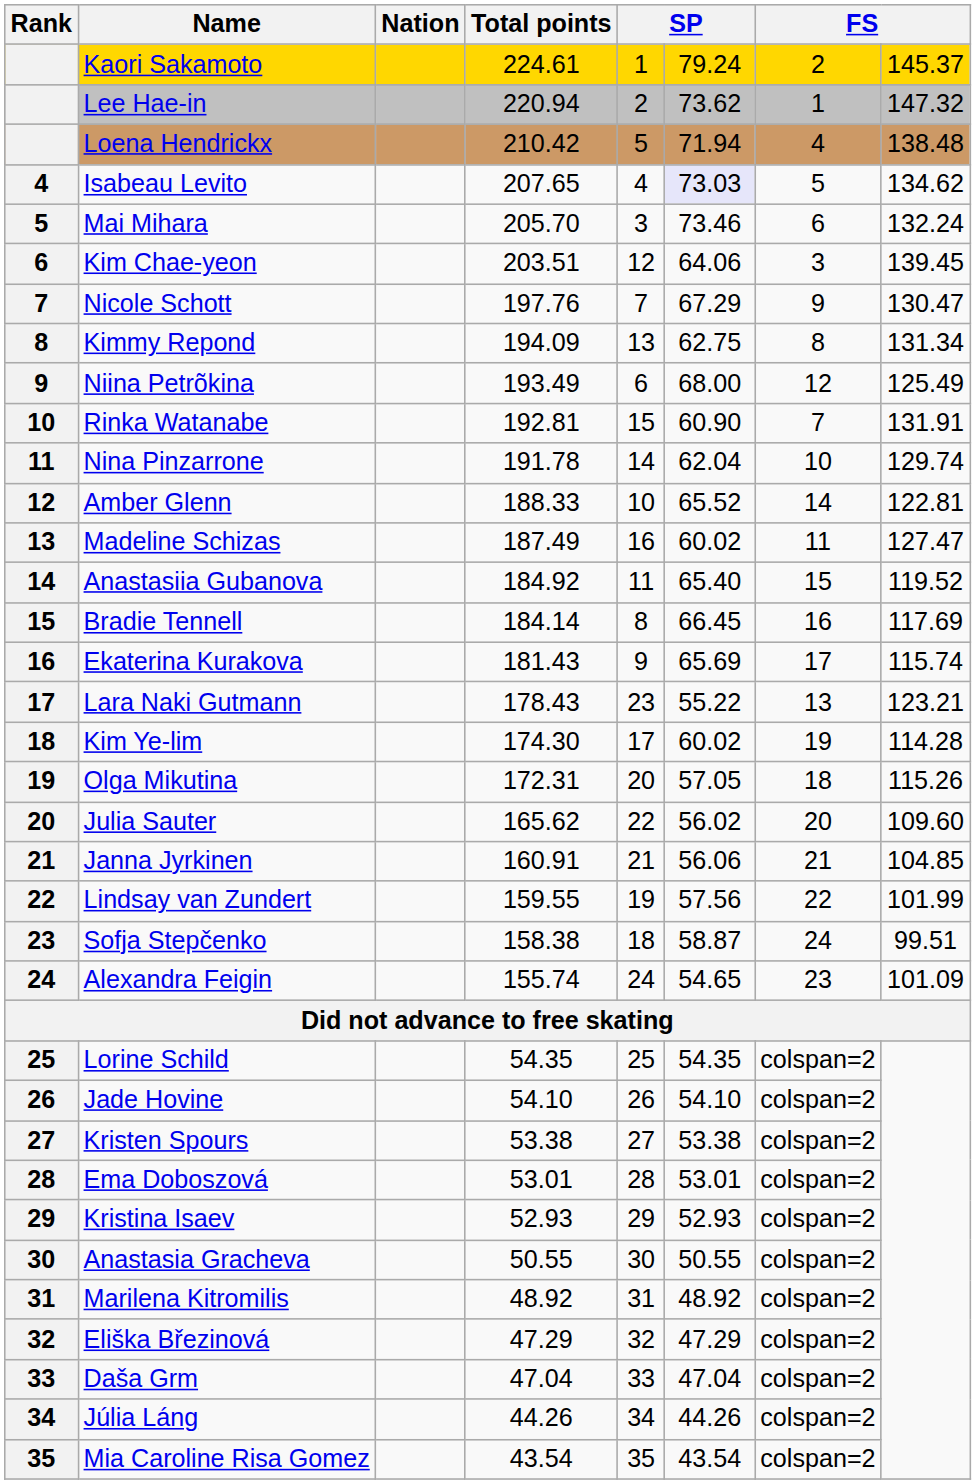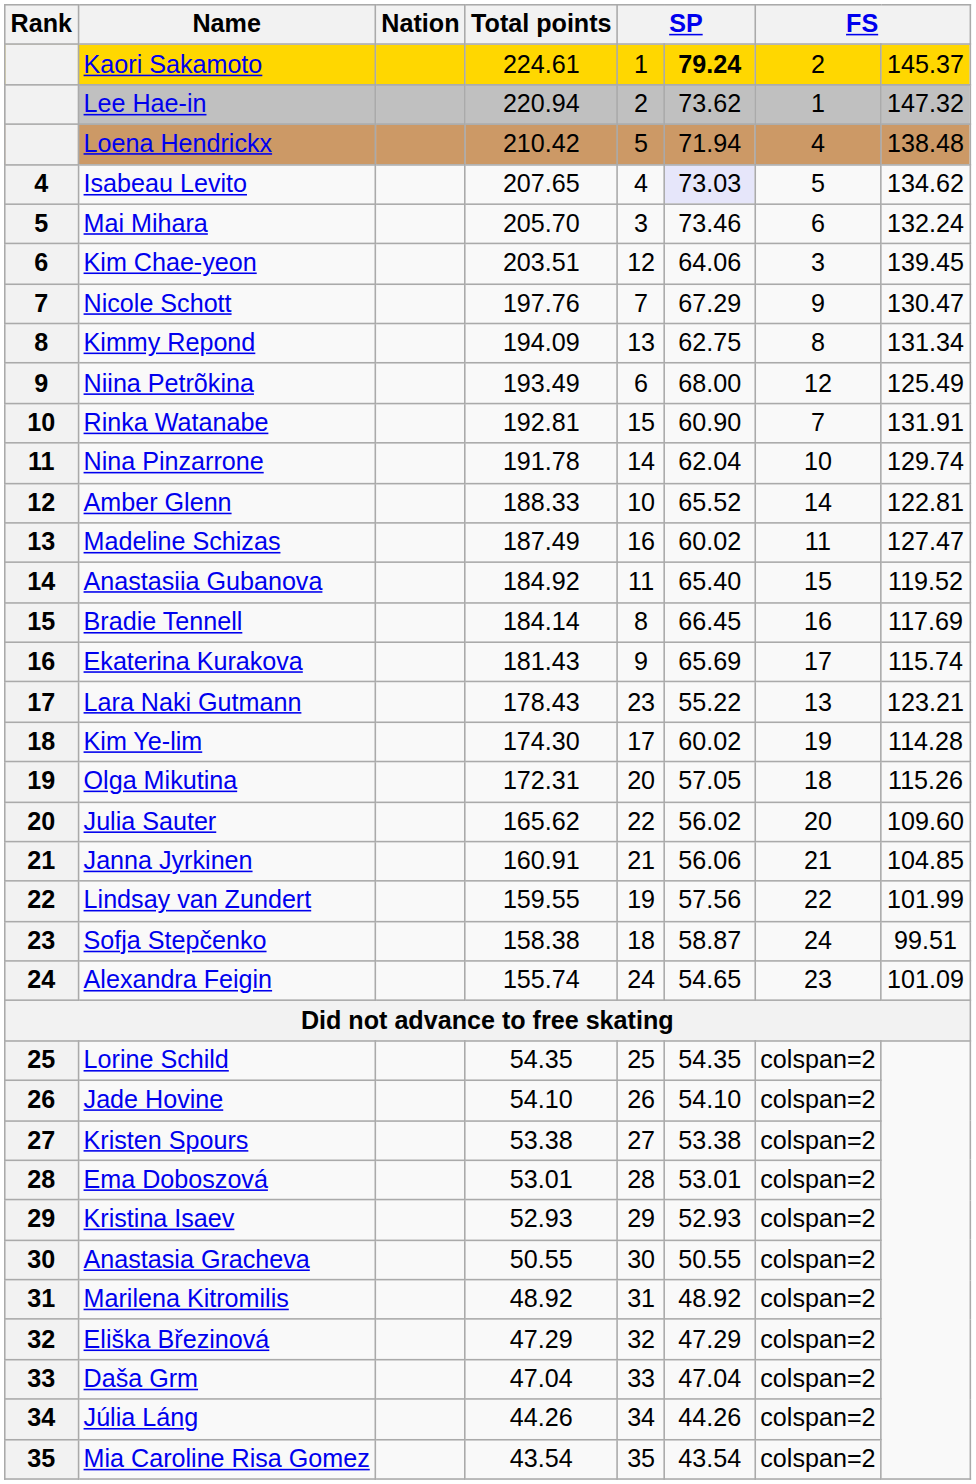 <table class="wikitable sortable" style="text-align:center">
 <tr>
 <th scope="col">Rank</th>
 <th scope="col">Name</th>
 <th scope="col">Nation</th>
 <th scope="col">Total points</th>
 <th colspan="2" width="80px"><a href='#'>SP</a></th>
 <th colspan="2" width="80px"><a href='#'>FS</a></th>
 </tr>
 <tr bgcolor="gold">
 <th scope="row"></th>
 <td style="text-align:left"><a href='#'>Kaori Sakamoto</a></td>
 <td style="text-align:left"></td>
 <td align="center">224.61</td>
 <td align="center">1</td>
-<td align="center">79.24</td>
+<td align="center"><strong>79.24</strong></td>
 <td align="center">2</td>
 <td align="center">145.37</td>
 </tr>
 <tr bgcolor="silver">
 <th scope="row"></th>
 <td style="text-align:left"><a href='#'>Lee Hae-in</a></td>
 <td style="text-align:left"></td>
 <td align="center">220.94</td>
 <td align="center">2</td>
 <td align="center">73.62</td>
 <td align="center">1</td>
 <td align="center">147.32</td>
 </tr>
 <tr bgcolor="#cc9966">
 <th scope="row"></th>
 <td style="text-align:left"><a href='#'>Loena Hendrickx</a></td>
 <td style="text-align:left"></td>
 <td align="center">210.42</td>
 <td align="center">5</td>
 <td align="center">71.94</td>
 <td align="center">4</td>
 <td align="center">138.48</td>
 </tr>
 <tr>
 <th scope="row">4</th>
 <td style="text-align:left"><a href='#'>Isabeau Levito</a></td>
 <td style="text-align:left"></td>
 <td align="center">207.65</td>
 <td align="center">4</td>
 <td align="center" style="background: lavender;">73.03</td>
 <td align="center">5</td>
 <td align="center">134.62</td>
 </tr>
 <tr>
 <th scope="row">5</th>
 <td style="text-align:left"><a href='#'>Mai Mihara</a></td>
 <td style="text-align:left"></td>
 <td align="center">205.70</td>
 <td align="center">3</td>
 <td align="center">73.46</td>
 <td align="center">6</td>
 <td align="center">132.24</td>
 </tr>
 <tr>
 <th scope="row">6</th>
 <td style="text-align:left"><a href='#'>Kim Chae-yeon</a></td>
 <td style="text-align:left"></td>
 <td align="center">203.51</td>
 <td align="center">12</td>
 <td align="center">64.06</td>
 <td align="center">3</td>
 <td align="center">139.45</td>
 </tr>
 <tr>
 <th scope="row">7</th>
 <td style="text-align:left"><a href='#'>Nicole Schott</a></td>
 <td style="text-align:left"></td>
 <td align="center">197.76</td>
 <td align="center">7</td>
 <td align="center">67.29</td>
 <td align="center">9</td>
 <td align="center">130.47</td>
 </tr>
 <tr>
 <th scope="row">8</th>
 <td style="text-align:left"><a href='#'>Kimmy Repond</a></td>
 <td style="text-align:left"></td>
 <td align="center">194.09</td>
 <td align="center">13</td>
 <td align="center">62.75</td>
 <td align="center">8</td>
 <td align="center">131.34</td>
 </tr>
 <tr>
 <th scope="row">9</th>
 <td style="text-align:left"><a href='#'>Niina Petrõkina</a></td>
 <td style="text-align:left"></td>
 <td align="center">193.49</td>
 <td align="center">6</td>
 <td align="center">68.00</td>
 <td align="center">12</td>
 <td align="center">125.49</td>
 </tr>
 <tr>
 <th scope="row">10</th>
 <td style="text-align:left"><a href='#'>Rinka Watanabe</a></td>
 <td style="text-align:left"></td>
 <td align="center">192.81</td>
 <td align="center">15</td>
 <td align="center">60.90</td>
 <td align="center">7</td>
 <td align="center">131.91</td>
 </tr>
 <tr>
 <th scope="row">11</th>
 <td style="text-align:left"><a href='#'>Nina Pinzarrone</a></td>
 <td style="text-align:left"></td>
 <td align="center">191.78</td>
 <td align="center">14</td>
 <td align="center">62.04</td>
 <td align="center">10</td>
 <td align="center">129.74</td>
 </tr>
 <tr>
 <th scope="row">12</th>
 <td style="text-align:left"><a href='#'>Amber Glenn</a></td>
 <td style="text-align:left"></td>
 <td align="center">188.33</td>
 <td align="center">10</td>
 <td align="center">65.52</td>
 <td align="center">14</td>
 <td align="center">122.81</td>
 </tr>
 <tr>
 <th scope="row">13</th>
 <td style="text-align:left"><a href='#'>Madeline Schizas</a></td>
 <td style="text-align:left"></td>
 <td align="center">187.49</td>
 <td align="center">16</td>
 <td align="center">60.02</td>
 <td align="center">11</td>
 <td align="center">127.47</td>
 </tr>
 <tr>
 <th scope="row">14</th>
 <td style="text-align:left"><a href='#'>Anastasiia Gubanova</a></td>
 <td style="text-align:left"></td>
 <td align="center">184.92</td>
 <td align="center">11</td>
 <td align="center">65.40</td>
 <td align="center">15</td>
 <td align="center">119.52</td>
 </tr>
 <tr>
 <th scope="row">15</th>
 <td style="text-align:left"><a href='#'>Bradie Tennell</a></td>
 <td style="text-align:left"></td>
 <td align="center">184.14</td>
 <td align="center">8</td>
 <td align="center">66.45</td>
 <td align="center">16</td>
 <td align="center">117.69</td>
 </tr>
 <tr>
 <th scope="row">16</th>
 <td style="text-align:left"><a href='#'>Ekaterina Kurakova</a></td>
 <td style="text-align:left"></td>
 <td align="center">181.43</td>
 <td align="center">9</td>
 <td align="center">65.69</td>
 <td align="center">17</td>
 <td align="center">115.74</td>
 </tr>
 <tr>
 <th scope="row">17</th>
 <td style="text-align:left"><a href='#'>Lara Naki Gutmann</a></td>
 <td style="text-align:left"></td>
 <td align="center">178.43</td>
 <td align="center">23</td>
 <td align="center">55.22</td>
 <td align="center">13</td>
 <td align="center">123.21</td>
 </tr>
 <tr>
 <th scope="row">18</th>
 <td style="text-align:left"><a href='#'>Kim Ye-lim</a></td>
 <td style="text-align:left"></td>
 <td align="center">174.30</td>
 <td align="center">17</td>
 <td align="center">60.02</td>
 <td align="center">19</td>
 <td align="center">114.28</td>
 </tr>
 <tr>
 <th scope="row">19</th>
 <td style="text-align:left"><a href='#'>Olga Mikutina</a></td>
 <td style="text-align:left"></td>
 <td align="center">172.31</td>
 <td align="center">20</td>
 <td align="center">57.05</td>
 <td align="center">18</td>
 <td align="center">115.26</td>
 </tr>
 <tr>
 <th scope="row">20</th>
 <td style="text-align:left"><a href='#'>Julia Sauter</a></td>
 <td style="text-align:left"></td>
 <td align="center">165.62</td>
 <td align="center">22</td>
 <td align="center">56.02</td>
 <td align="center">20</td>
 <td align="center">109.60</td>
 </tr>
 <tr>
 <th scope="row">21</th>
 <td style="text-align:left"><a href='#'>Janna Jyrkinen</a></td>
 <td style="text-align:left"></td>
 <td align="center">160.91</td>
 <td align="center">21</td>
 <td align="center">56.06</td>
 <td align="center">21</td>
 <td align="center">104.85</td>
 </tr>
 <tr>
 <th scope="row">22</th>
 <td style="text-align:left"><a href='#'>Lindsay van Zundert</a></td>
 <td style="text-align:left"></td>
 <td align="center">159.55</td>
 <td align="center">19</td>
 <td align="center">57.56</td>
 <td align="center">22</td>
 <td align="center">101.99</td>
 </tr>
 <tr>
 <th scope="row">23</th>
 <td style="text-align:left"><a href='#'>Sofja Stepčenko</a></td>
 <td style="text-align:left"></td>
 <td align="center">158.38</td>
 <td align="center">18</td>
 <td align="center">58.87</td>
 <td align="center">24</td>
 <td align="center">99.51</td>
 </tr>
 <tr>
 <th scope="row">24</th>
 <td style="text-align:left"><a href='#'>Alexandra Feigin</a></td>
 <td style="text-align:left"></td>
 <td align="center">155.74</td>
 <td align="center">24</td>
 <td align="center">54.65</td>
 <td align="center">23</td>
 <td align="center">101.09</td>
 </tr>
 <tr>
 <th colspan=8>Did not advance to free skating</th>
 </tr>
 <tr>
 <th scope="row">25</th>
 <td style="text-align:left"><a href='#'>Lorine Schild</a></td>
 <td style="text-align:left"></td>
 <td align="center">54.35</td>
 <td align="center">25</td>
 <td align="center">54.35</td>
 <td>colspan=2 </td>
 </tr>
 <tr>
 <th scope="row">26</th>
 <td style="text-align:left"><a href='#'>Jade Hovine</a></td>
 <td style="text-align:left"></td>
 <td align="center">54.10</td>
 <td align="center">26</td>
 <td align="center">54.10</td>
 <td>colspan=2 </td>
 </tr>
 <tr>
 <th scope="row">27</th>
 <td style="text-align:left"><a href='#'>Kristen Spours</a></td>
 <td style="text-align:left"></td>
 <td align="center">53.38</td>
 <td align="center">27</td>
 <td align="center">53.38</td>
 <td>colspan=2 </td>
 </tr>
 <tr>
 <th scope="row">28</th>
 <td style="text-align:left"><a href='#'>Ema Doboszová</a></td>
 <td style="text-align:left"></td>
 <td align="center">53.01</td>
 <td align="center">28</td>
 <td align="center">53.01</td>
 <td>colspan=2 </td>
 </tr>
 <tr>
 <th scope="row">29</th>
 <td style="text-align:left"><a href='#'>Kristina Isaev</a></td>
 <td style="text-align:left"></td>
 <td align="center">52.93</td>
 <td align="center">29</td>
 <td align="center">52.93</td>
 <td>colspan=2 </td>
 </tr>
 <tr>
 <th scope="row">30</th>
 <td style="text-align:left"><a href='#'>Anastasia Gracheva</a></td>
 <td style="text-align:left"></td>
 <td align="center">50.55</td>
 <td align="center">30</td>
 <td align="center">50.55</td>
 <td>colspan=2 </td>
 </tr>
 <tr>
 <th scope="row">31</th>
 <td style="text-align:left"><a href='#'>Marilena Kitromilis</a></td>
 <td style="text-align:left"></td>
 <td align="center">48.92</td>
 <td align="center">31</td>
 <td align="center">48.92</td>
 <td>colspan=2 </td>
 </tr>
 <tr>
 <th scope="row">32</th>
 <td style="text-align:left"><a href='#'>Eliška Březinová</a></td>
 <td style="text-align:left"></td>
 <td align="center">47.29</td>
 <td align="center">32</td>
 <td align="center">47.29</td>
 <td>colspan=2 </td>
 </tr>
 <tr>
 <th scope="row">33</th>
 <td style="text-align:left"><a href='#'>Daša Grm</a></td>
 <td style="text-align:left"></td>
 <td align="center">47.04</td>
 <td align="center">33</td>
 <td align="center">47.04</td>
 <td>colspan=2 </td>
 </tr>
 <tr>
 <th scope="row">34</th>
 <td style="text-align:left"><a href='#'>Júlia Láng</a></td>
 <td style="text-align:left"></td>
 <td align="center">44.26</td>
 <td align="center">34</td>
 <td align="center">44.26</td>
 <td>colspan=2 </td>
 </tr>
 <tr>
 <th scope="row">35</th>
 <td style="text-align:left"><a href='#'>Mia Caroline Risa Gomez</a></td>
 <td style="text-align:left"></td>
 <td align="center">43.54</td>
 <td align="center">35</td>
 <td align="center">43.54</td>
 <td>colspan=2 </td>
 </tr>
 </table>
